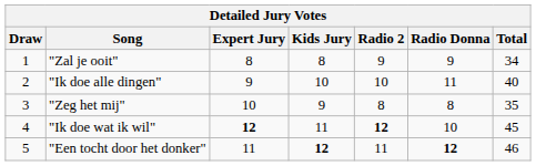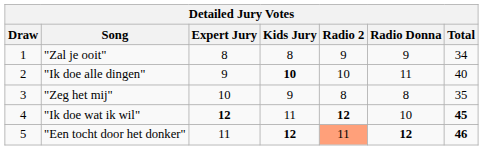 <table class="wikitable collapsible collapsed" style="margin: 1em auto 1em auto; text-align:center;">
 <tr>
 <th colspan="7">Detailed Jury Votes</th>
 </tr>
 <tr>
 <th>Draw</th>
 <th>Song</th>
 <th>Expert Jury</th>
 <th>Kids Jury</th>
 <th>Radio 2</th>
 <th>Radio Donna</th>
 <th>Total</th>
 </tr>
 <tr>
 <td>1</td>
 <td align="left">"Zal je ooit"</td>
 <td>8</td>
 <td>8</td>
 <td>9</td>
 <td>9</td>
 <td>34</td>
 </tr>
 <tr>
 <td>2</td>
 <td align="left">"Ik doe alle dingen"</td>
 <td>9</td>
-<td>10</td>
+<td><strong>10</strong></td>
 <td>10</td>
 <td>11</td>
 <td>40</td>
 </tr>
 <tr>
 <td>3</td>
 <td align="left">"Zeg het mij"</td>
 <td>10</td>
 <td>9</td>
 <td>8</td>
 <td>8</td>
 <td>35</td>
 </tr>
 <tr>
 <td>4</td>
 <td align="left">"Ik doe wat ik wil"</td>
 <td><strong>12</strong></td>
 <td>11</td>
 <td><strong>12</strong></td>
 <td>10</td>
-<td>45</td>
+<td><strong>45</strong></td>
 </tr>
 <tr>
 <td>5</td>
 <td align="left">"Een tocht door het donker"</td>
 <td>11</td>
 <td><strong>12</strong></td>
-<td>11</td>
+<td style="background: lightsalmon;">11</td>
 <td><strong>12</strong></td>
-<td>46</td>
+<td><strong>46</strong></td>
 </tr>
 </table>
